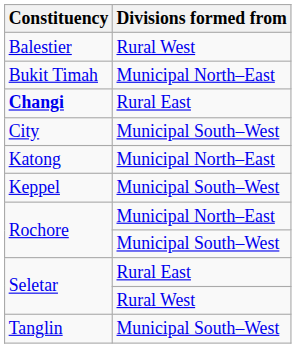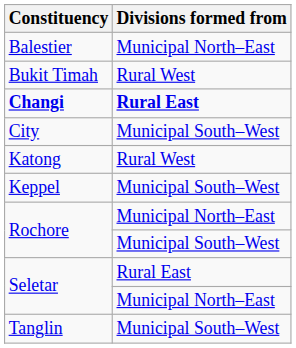 <table class="wikitable">
 <tr>
 <th>Constituency</th>
 <th>Divisions formed from</th>
 </tr>
 <tr>
 <td><a href='#'>Balestier</a></td>
+<td><a href='#'>Municipal North–East</a></td>
+</tr>
+<tr>
+<td><a href='#'>Bukit Timah</a></td>
 <td><a href='#'>Rural West</a></td>
 </tr>
 <tr>
-<td><a href='#'>Bukit Timah</a></td>
-<td><a href='#'>Municipal North–East</a></td>
-</tr>
-<tr>
 <td><strong><a href='#'>Changi</a></strong></td>
-<td><a href='#'>Rural East</a></td>
+<td><strong><a href='#'>Rural East</a></strong></td>
 </tr>
 <tr>
 <td><a href='#'>City</a></td>
 <td><a href='#'>Municipal South–West</a></td>
 </tr>
 <tr>
 <td><a href='#'>Katong</a></td>
-<td><a href='#'>Municipal North–East</a></td>
+<td><a href='#'>Rural West</a></td>
 </tr>
 <tr>
 <td><a href='#'>Keppel</a></td>
 <td><a href='#'>Municipal South–West</a></td>
 </tr>
 <tr>
 <td rowspan="2"><a href='#'>Rochore</a></td>
 <td><a href='#'>Municipal North–East</a></td>
 </tr>
 <tr>
 <td><a href='#'>Municipal South–West</a></td>
 </tr>
 <tr>
 <td rowspan="2"><a href='#'>Seletar</a></td>
 <td><a href='#'>Rural East</a></td>
 </tr>
 <tr>
-<td><a href='#'>Rural West</a></td>
+<td><a href='#'>Municipal North–East</a></td>
 </tr>
 <tr>
 <td><a href='#'>Tanglin</a></td>
 <td><a href='#'>Municipal South–West</a></td>
 </tr>
 </table>
